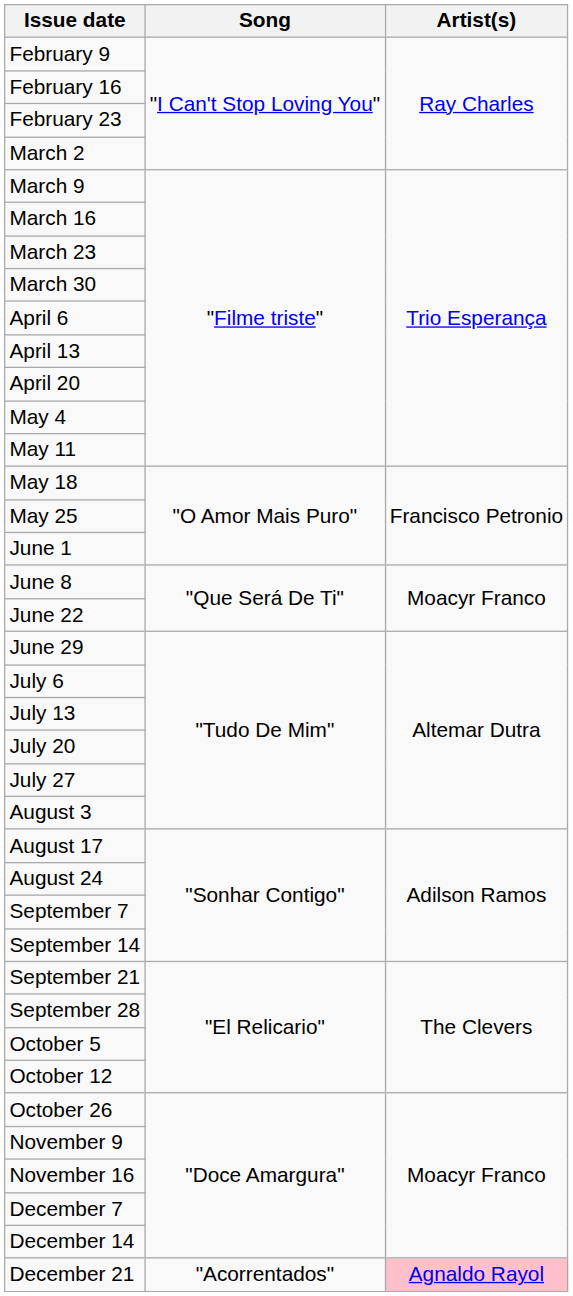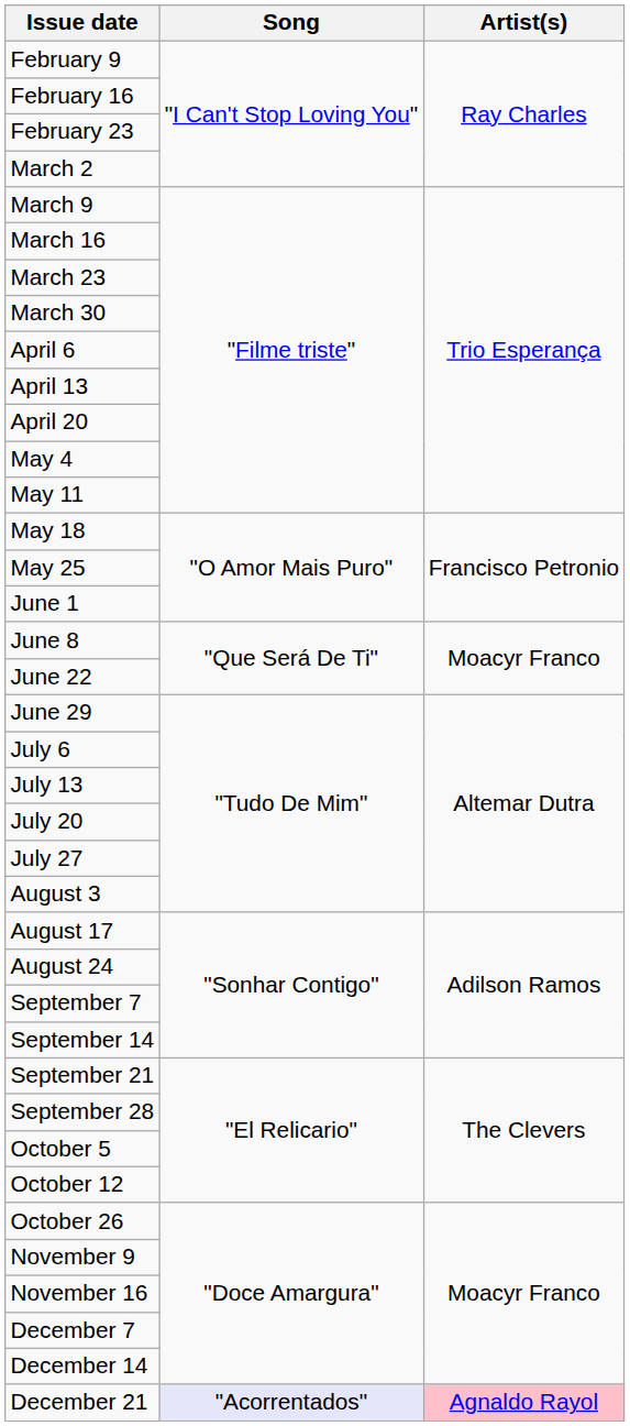 <table class="wikitable">
 <tr>
 <th>Issue date</th>
 <th>Song</th>
 <th>Artist(s)</th>
 </tr>
 <tr>
 <td>February 9</td>
 <td align="center" rowspan="4">"<a href='#'>I Can't Stop Loving You</a>"</td>
 <td align="center" rowspan="4"><a href='#'>Ray Charles</a></td>
 </tr>
 <tr>
 <td>February 16</td>
 </tr>
 <tr>
 <td>February 23</td>
 </tr>
 <tr>
 <td>March 2</td>
 </tr>
 <tr>
 <td>March 9</td>
 <td align="center" rowspan="9">"<a href='#'>Filme triste</a>"</td>
 <td align="center" rowspan="9"><a href='#'>Trio Esperança</a></td>
 </tr>
 <tr>
 <td>March 16</td>
 </tr>
 <tr>
 <td>March 23</td>
 </tr>
 <tr>
 <td>March 30</td>
 </tr>
 <tr>
 <td>April 6</td>
 </tr>
 <tr>
 <td>April 13</td>
 </tr>
 <tr>
 <td>April 20</td>
 </tr>
 <tr>
 <td>May 4</td>
 </tr>
 <tr>
 <td>May 11</td>
 </tr>
 <tr>
 <td>May 18</td>
 <td align="center" rowspan="3">"O Amor Mais Puro"</td>
 <td align="center" rowspan="3">Francisco Petronio</td>
 </tr>
 <tr>
 <td>May 25</td>
 </tr>
 <tr>
 <td>June 1</td>
 </tr>
 <tr>
 <td>June 8</td>
 <td align="center" rowspan="2">"Que Será De Ti"</td>
 <td align="center" rowspan="2">Moacyr Franco</td>
 </tr>
 <tr>
 <td>June 22</td>
 </tr>
 <tr>
 <td>June 29</td>
 <td align="center" rowspan="6">"Tudo De Mim"</td>
 <td align="center" rowspan="6">Altemar Dutra</td>
 </tr>
 <tr>
 <td>July 6</td>
 </tr>
 <tr>
 <td>July 13</td>
 </tr>
 <tr>
 <td>July 20</td>
 </tr>
 <tr>
 <td>July 27</td>
 </tr>
 <tr>
 <td>August 3</td>
 </tr>
 <tr>
 <td>August 17</td>
 <td align="center" rowspan="4">"Sonhar Contigo"</td>
 <td align="center" rowspan="4">Adilson Ramos</td>
 </tr>
 <tr>
 <td>August 24</td>
 </tr>
 <tr>
 <td>September 7</td>
 </tr>
 <tr>
 <td>September 14</td>
 </tr>
 <tr>
 <td>September 21</td>
 <td align="center" rowspan="4">"El Relicario"</td>
 <td align="center" rowspan="4">The Clevers</td>
 </tr>
 <tr>
 <td>September 28</td>
 </tr>
 <tr>
 <td>October 5</td>
 </tr>
 <tr>
 <td>October 12</td>
 </tr>
 <tr>
 <td>October 26</td>
 <td align="center" rowspan="5">"Doce Amargura"</td>
 <td align="center" rowspan="5">Moacyr Franco</td>
 </tr>
 <tr>
 <td>November 9</td>
 </tr>
 <tr>
 <td>November 16</td>
 </tr>
 <tr>
 <td>December 7</td>
 </tr>
 <tr>
 <td>December 14</td>
 </tr>
 <tr>
 <td>December 21</td>
-<td align="center" rowspan="1">"Acorrentados"</td>
+<td align="center" rowspan="1" style="background: lavender;">"Acorrentados"</td>
 <td align="center" rowspan="1" style="background: pink;"><a href='#'>Agnaldo Rayol</a></td>
 </tr>
 <tr>
 </tr>
 </table>
